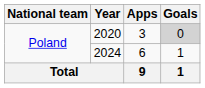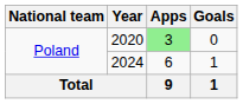 <table class="wikitable" style="text-align:center">
 <tr>
 <th>National team</th>
 <th>Year</th>
 <th>Apps</th>
 <th>Goals</th>
 </tr>
 <tr>
 <td rowspan="2"><a href='#'>Poland</a></td>
 <td>2020</td>
-<td>3</td>
-<td style="background: lightgrey;">0</td>
+<td style="background: lightgreen;">3</td>
+<td>0</td>
 </tr>
 <tr>
 <td>2024</td>
 <td>6</td>
 <td>1</td>
 </tr>
 <tr>
 <th colspan="2">Total</th>
 <th>9</th>
 <th>1</th>
 </tr>
 </table>
